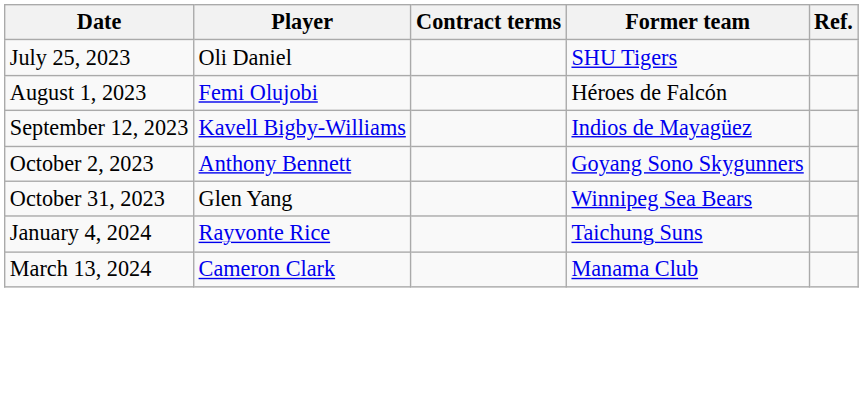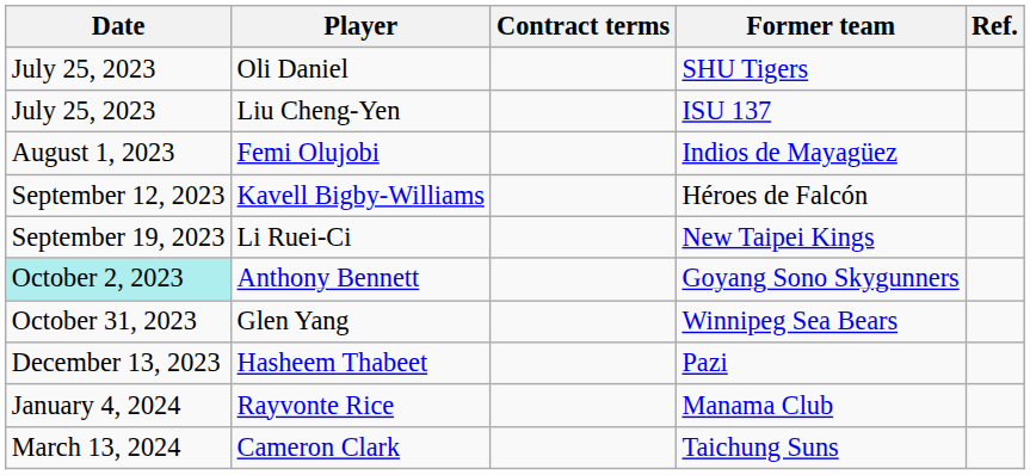 <table class="wikitable">
 <tr>
 <th>Date</th>
 <th>Player</th>
 <th>Contract terms</th>
 <th>Former team</th>
 <th>Ref.</th>
 </tr>
 <tr>
 <td>July 25, 2023</td>
 <td>Oli Daniel</td>
 <td></td>
 <td><a href='#'>SHU Tigers</a></td>
 <td></td>
 </tr>
 <tr>
+<td>July 25, 2023</td>
+<td>Liu Cheng-Yen</td>
+<td></td>
+<td><a href='#'>ISU 137</a></td>
+<td></td>
+</tr>
+<tr>
 <td>August 1, 2023</td>
 <td><a href='#'>Femi Olujobi</a></td>
 <td></td>
-<td>Héroes de Falcón</td>
+<td><a href='#'>Indios de Mayagüez</a></td>
 <td></td>
 </tr>
 <tr>
 <td>September 12, 2023</td>
 <td><a href='#'>Kavell Bigby-Williams</a></td>
 <td></td>
-<td><a href='#'>Indios de Mayagüez</a></td>
+<td>Héroes de Falcón</td>
 <td></td>
 </tr>
 <tr>
-<td>October 2, 2023</td>
+<td>September 19, 2023</td>
+<td>Li Ruei-Ci</td>
+<td></td>
+<td><a href='#'>New Taipei Kings</a></td>
+<td></td>
+</tr>
+<tr>
+<td style="background: paleturquoise;">October 2, 2023</td>
 <td><a href='#'>Anthony Bennett</a></td>
 <td></td>
 <td><a href='#'>Goyang Sono Skygunners</a></td>
 <td></td>
 </tr>
 <tr>
 <td>October 31, 2023</td>
 <td>Glen Yang</td>
 <td></td>
 <td><a href='#'>Winnipeg Sea Bears</a></td>
 <td></td>
 </tr>
 <tr>
+<td>December 13, 2023</td>
+<td><a href='#'>Hasheem Thabeet</a></td>
+<td></td>
+<td><a href='#'>Pazi</a></td>
+<td></td>
+</tr>
+<tr>
 <td>January 4, 2024</td>
 <td><a href='#'>Rayvonte Rice</a></td>
 <td></td>
-<td><a href='#'>Taichung Suns</a></td>
+<td><a href='#'>Manama Club</a></td>
 <td></td>
 </tr>
 <tr>
 <td>March 13, 2024</td>
 <td><a href='#'>Cameron Clark</a></td>
 <td></td>
-<td><a href='#'>Manama Club</a></td>
+<td><a href='#'>Taichung Suns</a></td>
 <td></td>
 </tr>
 </table>
